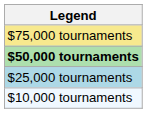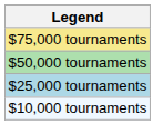 <table class="wikitable" style="font-size:85%">
 <tr>
 <th>Legend</th>
 </tr>
 <tr style="background:#f7e98e;">
 <td>$75,000 tournaments</td>
 </tr>
 <tr style="background:#addfad;">
-<td><strong>$50,000 tournaments</strong></td>
+<td>$50,000 tournaments</td>
 </tr>
 <tr style="background:lightblue;">
 <td>$25,000 tournaments</td>
 </tr>
 <tr style="background:#f0f8ff;">
 <td>$10,000 tournaments</td>
 </tr>
 </table>
